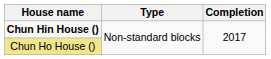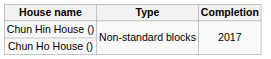 <table class="wikitable" style="text-align: center;">
 <tr>
 <th>House name</th>
 <th>Type</th>
 <th>Completion</th>
 </tr>
 <tr>
-<td><strong>Chun Hin House ()</strong></td>
+<td>Chun Hin House ()</td>
 <td rowspan="2">Non-standard blocks</td>
 <td rowspan="2">2017</td>
 </tr>
 <tr>
-<td style="background: khaki;">Chun Ho House ()</td>
+<td>Chun Ho House ()</td>
 </tr>
 </table>
